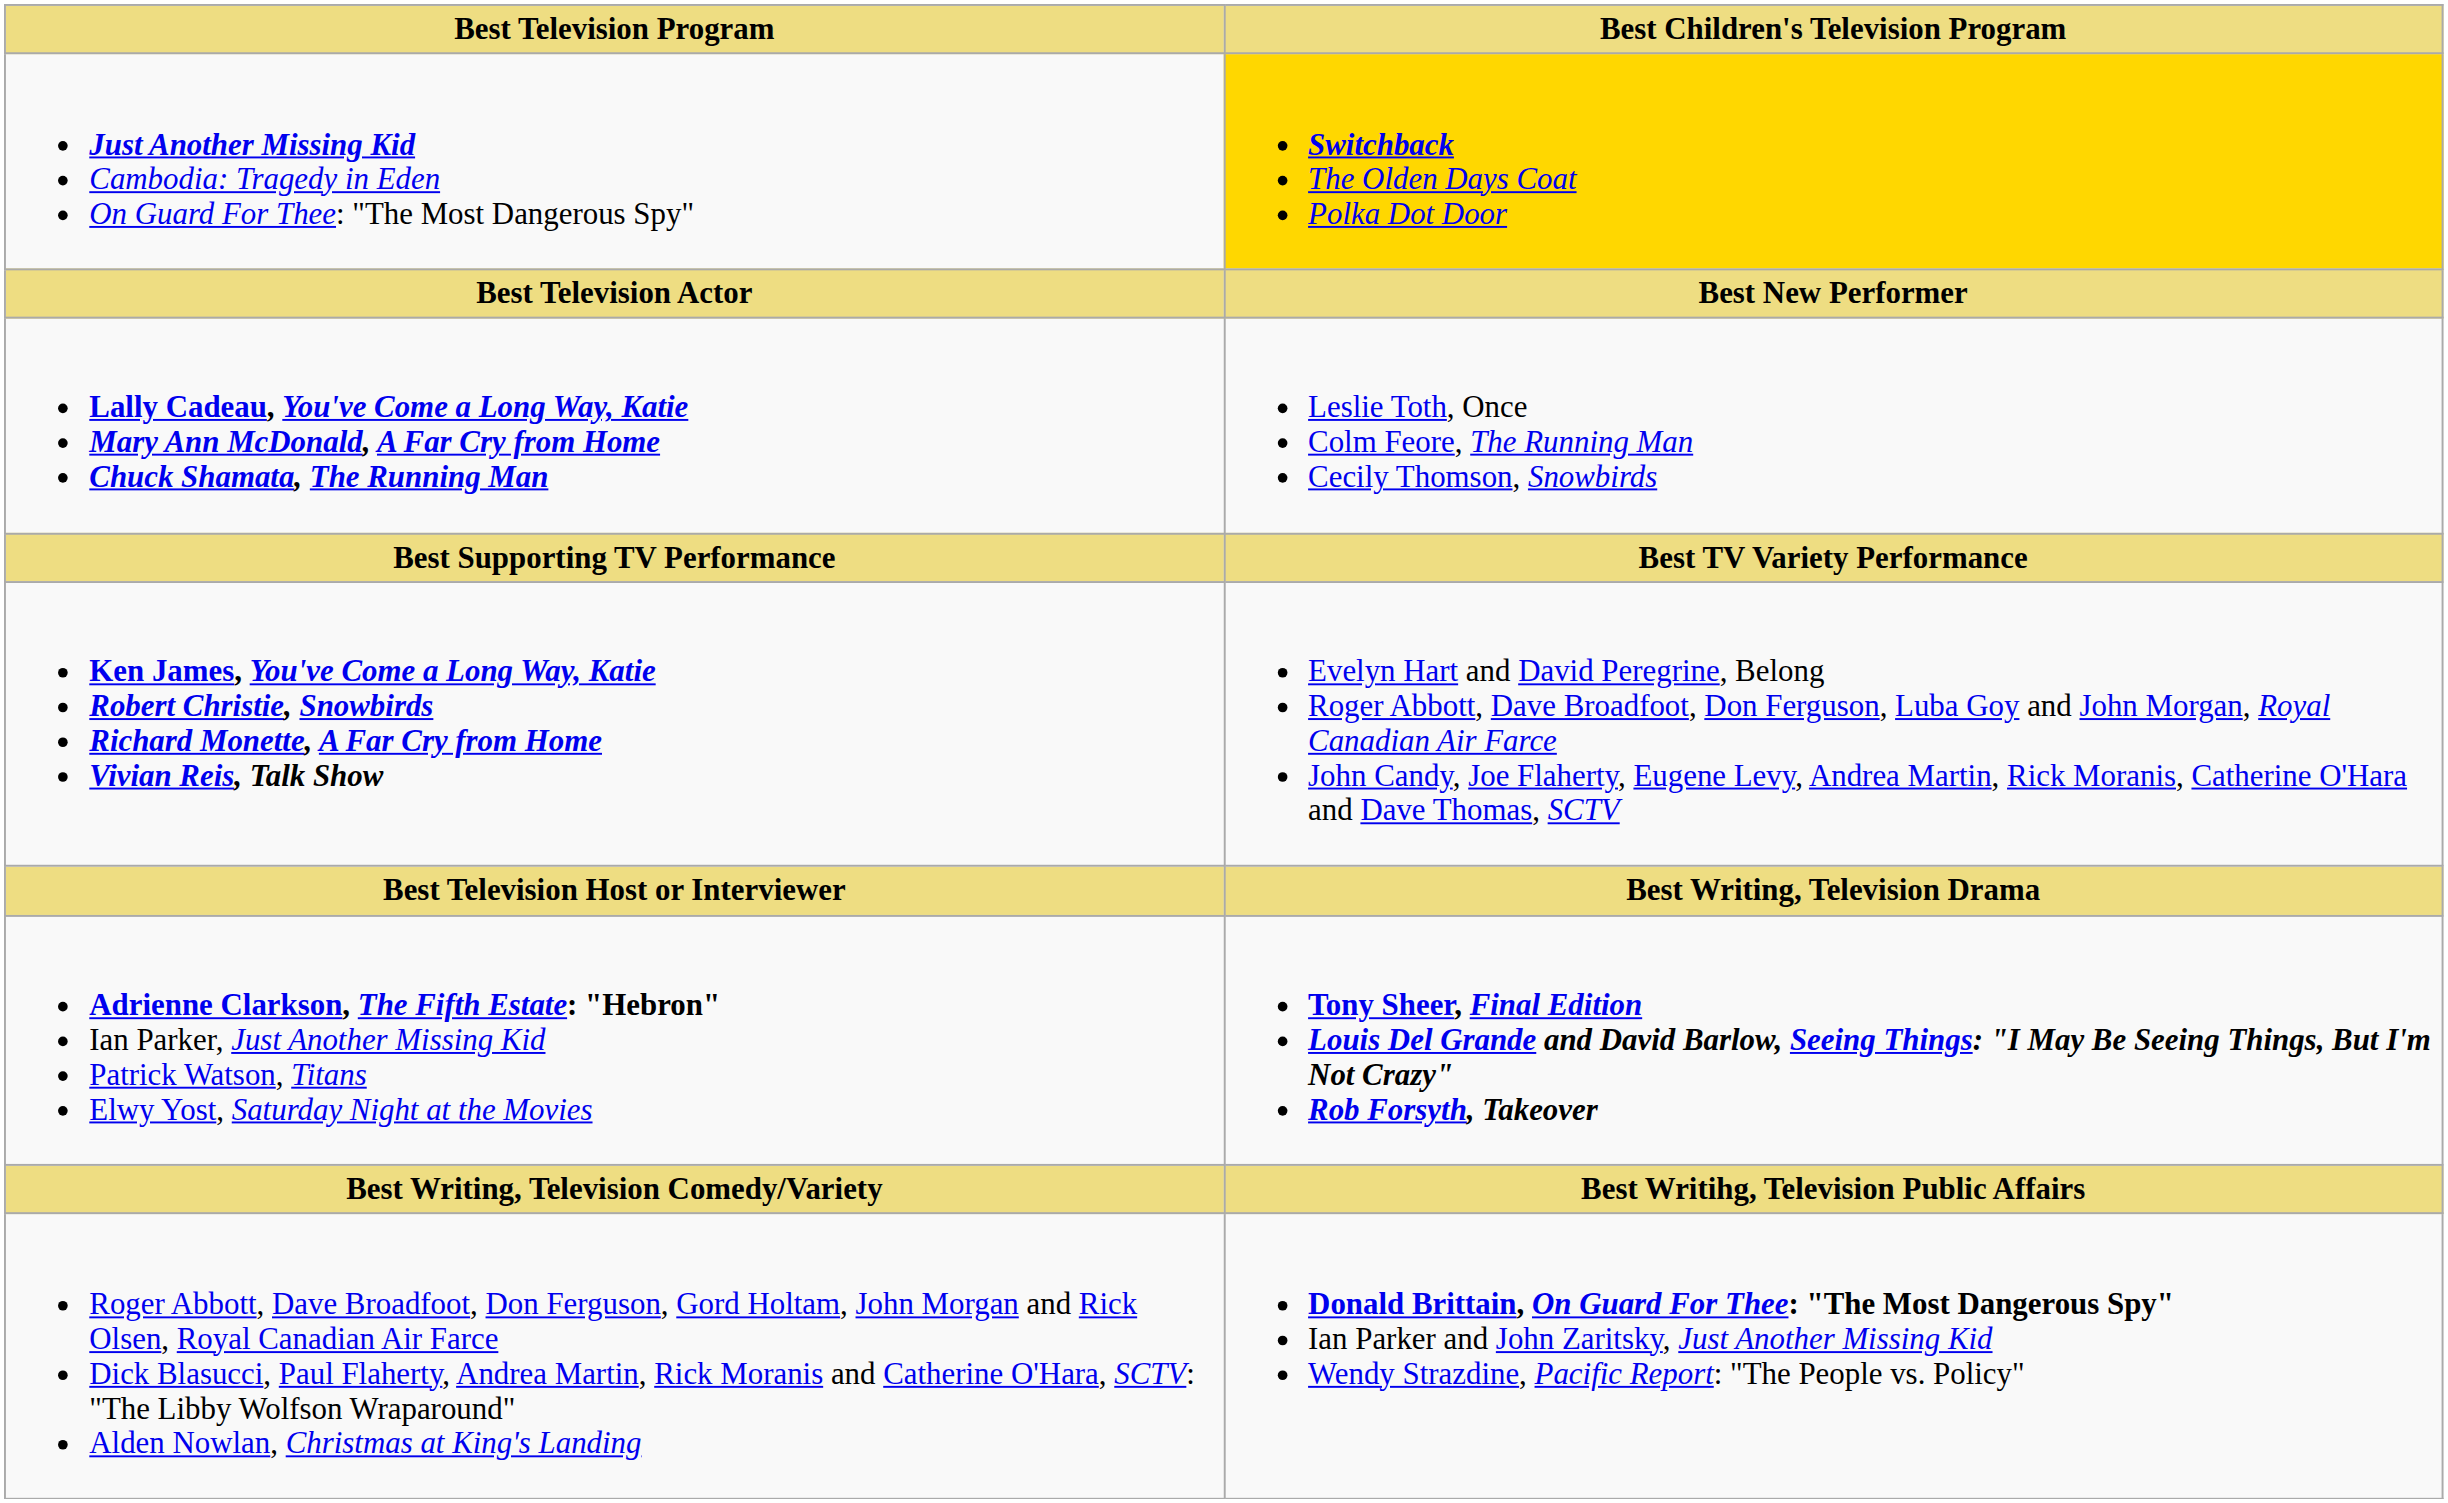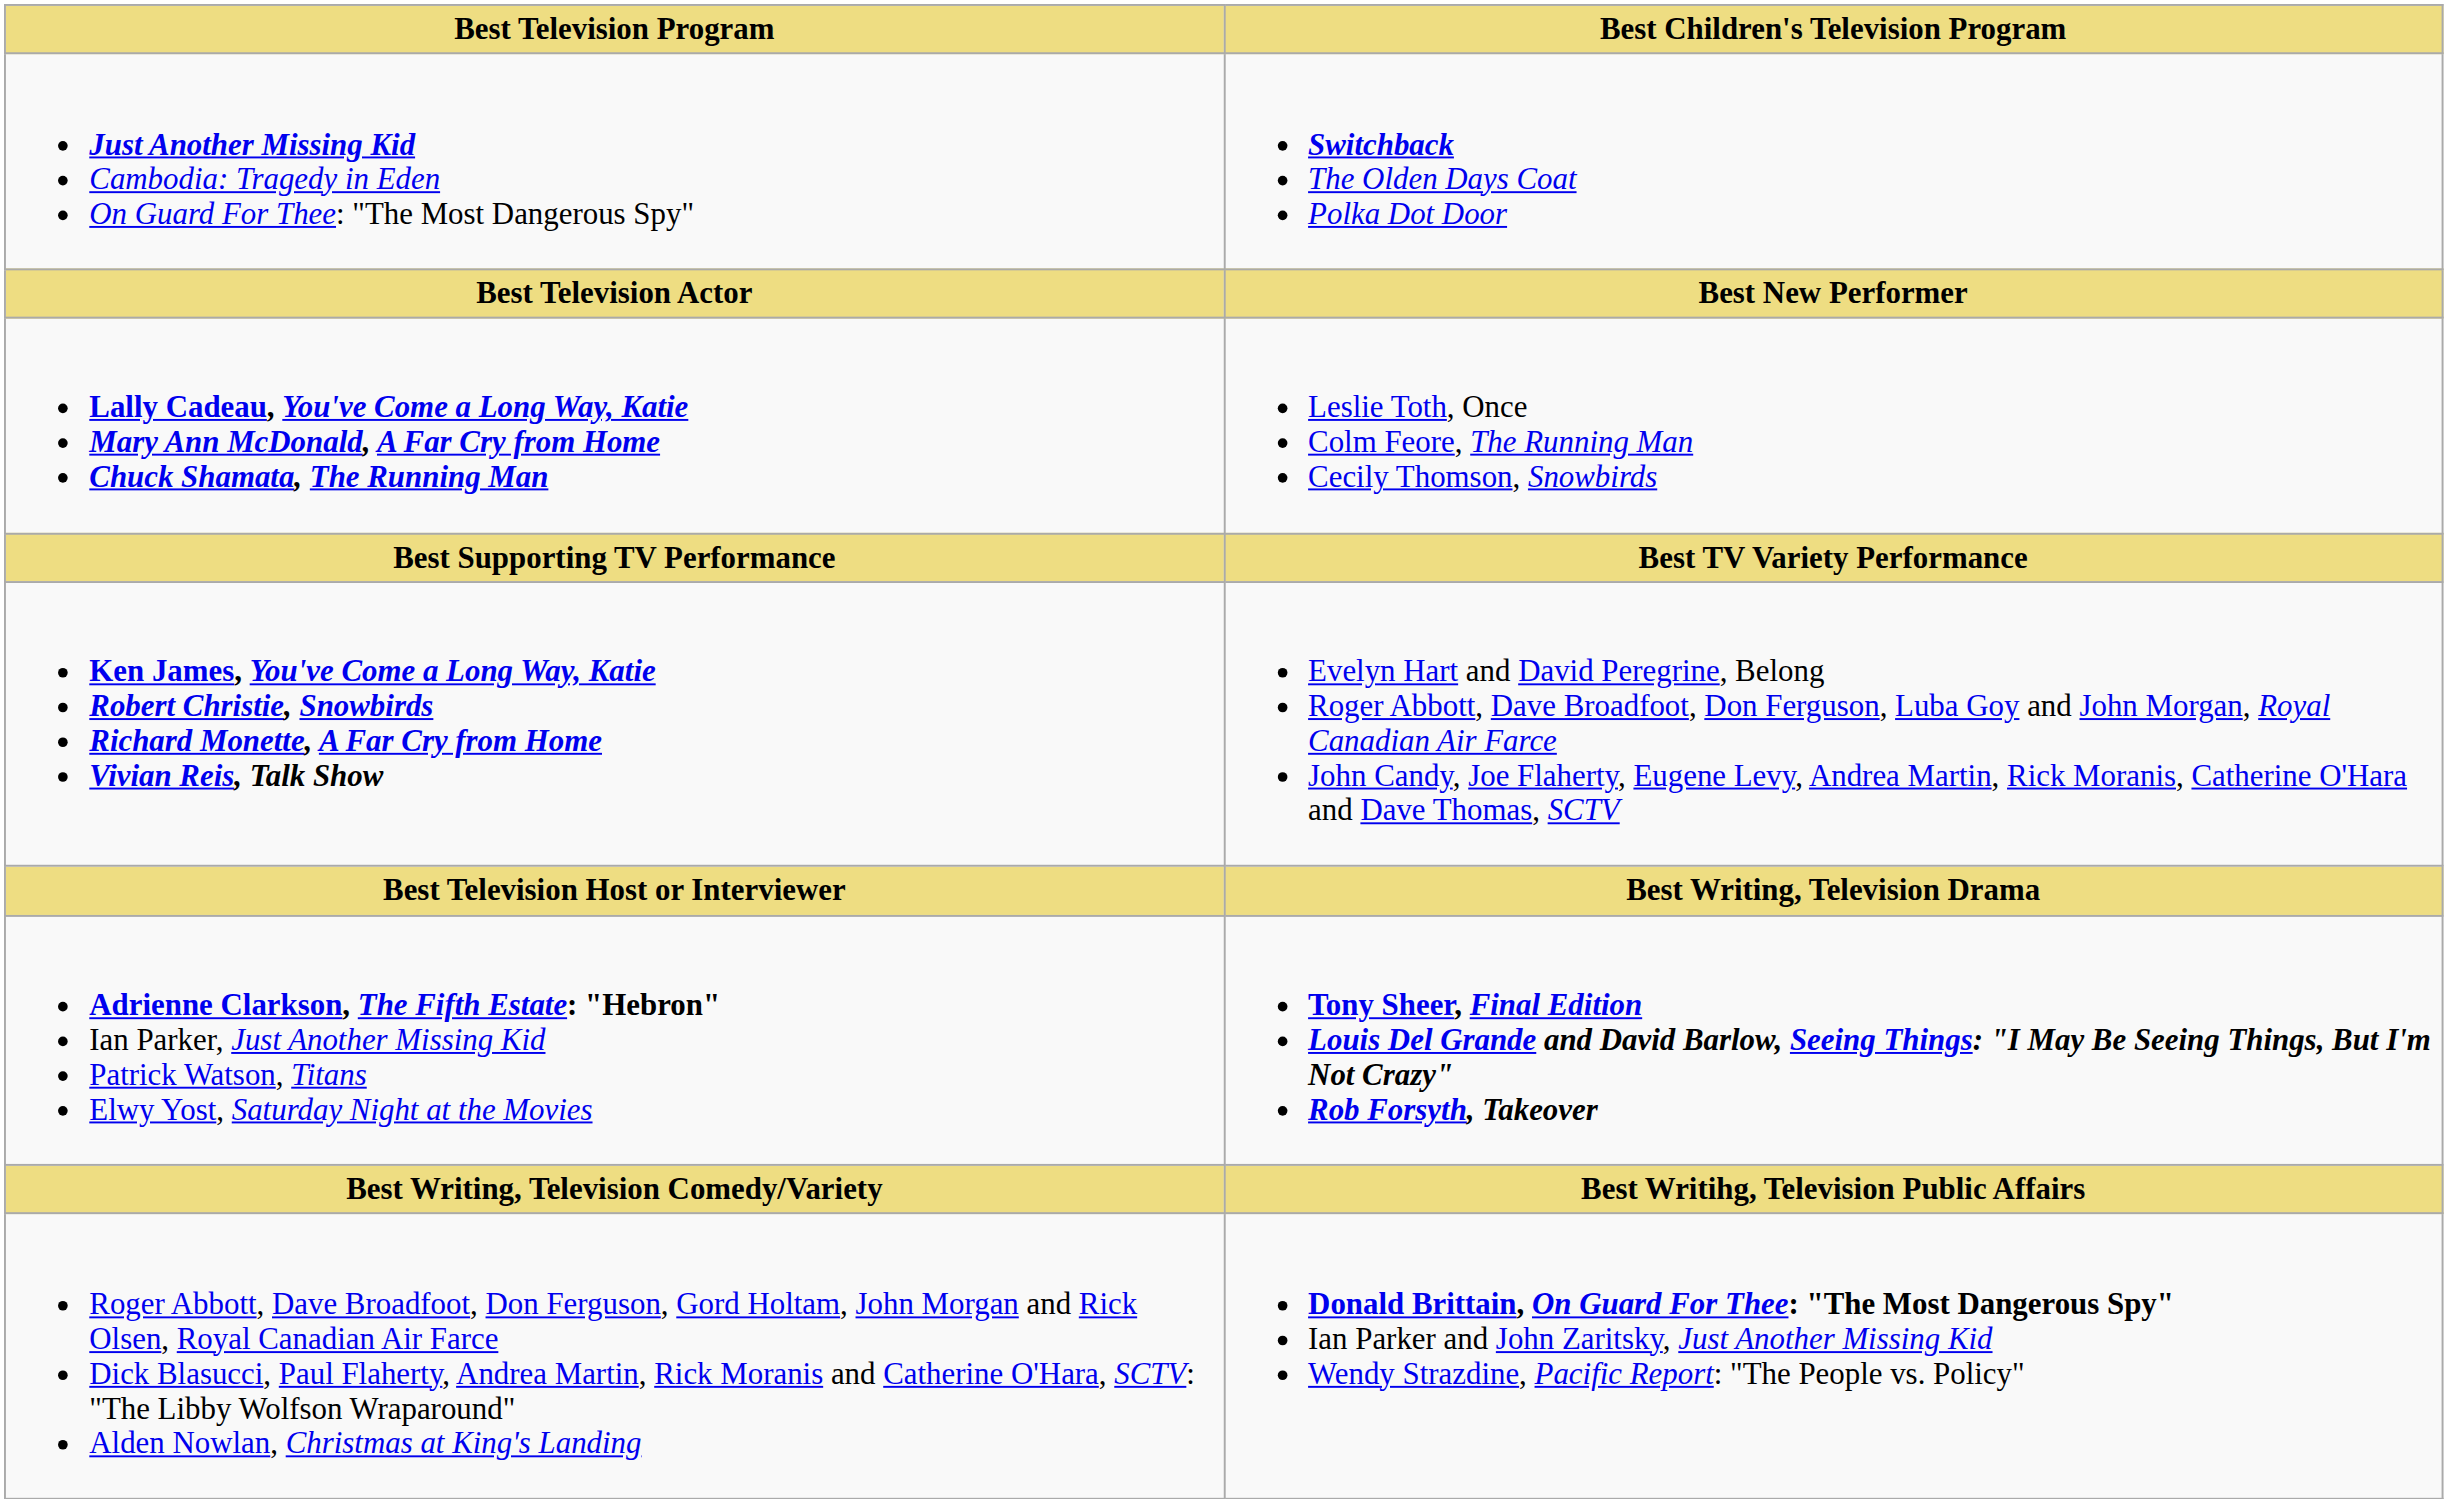 <table class=wikitable width="100%">
 <tr>
 <th style="background:#EEDD82; width:50%">Best Television Program</th>
 <th style="background:#EEDD82; width:50%">Best Children's Television Program</th>
 </tr>
 <tr>
 <td valign="top"><br><ul><li> <strong><em><a href='#'>Just Another Missing Kid</a></em></strong></li><li><em><a href='#'>Cambodia: Tragedy in Eden</a></em></li><li><em><a href='#'>On Guard For Thee</a></em>: "The Most Dangerous Spy"</li></ul></td>
-<td valign="top" style="background: gold;"><br><ul><li> <strong><em><a href='#'>Switchback</a></em></strong></li><li><em><a href='#'>The Olden Days Coat</a></em></li><li><em><a href='#'>Polka Dot Door</a></em></li></ul></td>
+<td valign="top"><br><ul><li> <strong><em><a href='#'>Switchback</a></em></strong></li><li><em><a href='#'>The Olden Days Coat</a></em></li><li><em><a href='#'>Polka Dot Door</a></em></li></ul></td>
 </tr>
 <tr>
 <th style="background:#EEDD82; width:50%">Best Television Actor</th>
 <th style="background:#EEDD82; width:50%">Best New Performer</th>
 </tr>
 <tr>
 <td valign="top"><br><ul><li> <strong><a href='#'>Lally Cadeau</a>, <em><a href='#'>You've Come a Long Way, Katie</a><strong><em></li><li><a href='#'>Mary Ann McDonald</a>, </em><a href='#'>A Far Cry from Home</a><em></li><li><a href='#'>Chuck Shamata</a>, </em><a href='#'>The Running Man</a><em></li></ul></td>
 <td valign="top"><br><ul><li> </strong><a href='#'>Leslie Toth</a>, </em>Once</em></strong></li><li><a href='#'>Colm Feore</a>, <em><a href='#'>The Running Man</a></em></li><li><a href='#'>Cecily Thomson</a>, <em><a href='#'>Snowbirds</a></em></li></ul></td>
 </tr>
 <tr>
 <th style="background:#EEDD82; width:50%">Best Supporting TV Performance</th>
 <th style="background:#EEDD82; width:50%">Best TV Variety Performance</th>
 </tr>
 <tr>
 <td valign="top"><br><ul><li> <strong><a href='#'>Ken James</a>, <em><a href='#'>You've Come a Long Way, Katie</a><strong><em></li><li><a href='#'>Robert Christie</a>, </em><a href='#'>Snowbirds</a><em></li><li><a href='#'>Richard Monette</a>, </em><a href='#'>A Far Cry from Home</a><em></li><li><a href='#'>Vivian Reis</a>, </em>Talk Show<em></li></ul></td>
 <td valign="top"><br><ul><li> </strong><a href='#'>Evelyn Hart</a> and <a href='#'>David Peregrine</a>, </em>Belong</em></strong></li><li><a href='#'>Roger Abbott</a>, <a href='#'>Dave Broadfoot</a>, <a href='#'>Don Ferguson</a>, <a href='#'>Luba Goy</a> and <a href='#'>John Morgan</a>, <em><a href='#'>Royal Canadian Air Farce</a></em></li><li><a href='#'>John Candy</a>, <a href='#'>Joe Flaherty</a>, <a href='#'>Eugene Levy</a>, <a href='#'>Andrea Martin</a>, <a href='#'>Rick Moranis</a>, <a href='#'>Catherine O'Hara</a> and <a href='#'>Dave Thomas</a>, <em><a href='#'>SCTV</a></em></li></ul></td>
 </tr>
 <tr>
 <th style="background:#EEDD82; width:50%">Best Television Host or Interviewer</th>
 <th style="background:#EEDD82; width:50%">Best Writing, Television Drama</th>
 </tr>
 <tr>
 <td valign="top"><br><ul><li> <strong><a href='#'>Adrienne Clarkson</a>, <em><a href='#'>The Fifth Estate</a></em>: "Hebron"</strong></li><li>Ian Parker, <em><a href='#'>Just Another Missing Kid</a></em></li><li><a href='#'>Patrick Watson</a>, <em><a href='#'>Titans</a></em></li><li><a href='#'>Elwy Yost</a>, <em><a href='#'>Saturday Night at the Movies</a></em></li></ul></td>
 <td valign="top"><br><ul><li> <strong><a href='#'>Tony Sheer</a>, <em><a href='#'>Final Edition</a><strong><em></li><li><a href='#'>Louis Del Grande</a> and David Barlow, </em><a href='#'>Seeing Things</a><em>: "I May Be Seeing Things, But I'm Not Crazy"</li><li><a href='#'>Rob Forsyth</a>, </em>Takeover<em></li></ul></td>
 </tr>
 <tr>
 <th style="background:#EEDD82; width:50%">Best Writing, Television Comedy/Variety</th>
 <th style="background:#EEDD82; width:50%">Best Writihg, Television Public Affairs</th>
 </tr>
 <tr>
 <td valign="top"><br><ul><li> </strong><a href='#'>Roger Abbott</a>, <a href='#'>Dave Broadfoot</a>, <a href='#'>Don Ferguson</a>, <a href='#'>Gord Holtam</a>, <a href='#'>John Morgan</a> and <a href='#'>Rick Olsen</a>, </em><a href='#'>Royal Canadian Air Farce</a></em></strong></li><li><a href='#'>Dick Blasucci</a>, <a href='#'>Paul Flaherty</a>, <a href='#'>Andrea Martin</a>, <a href='#'>Rick Moranis</a> and <a href='#'>Catherine O'Hara</a>, <em><a href='#'>SCTV</a></em>: "The Libby Wolfson Wraparound"</li><li><a href='#'>Alden Nowlan</a>, <em><a href='#'>Christmas at King's Landing</a></em></li></ul></td>
 <td valign="top"><br><ul><li> <strong><a href='#'>Donald Brittain</a>, <em><a href='#'>On Guard For Thee</a></em>: "The Most Dangerous Spy"</strong></li><li>Ian Parker and <a href='#'>John Zaritsky</a>, <em><a href='#'>Just Another Missing Kid</a></em></li><li><a href='#'>Wendy Strazdine</a>, <em><a href='#'>Pacific Report</a></em>: "The People vs. Policy"</li></ul></td>
 </tr>
 </table>
